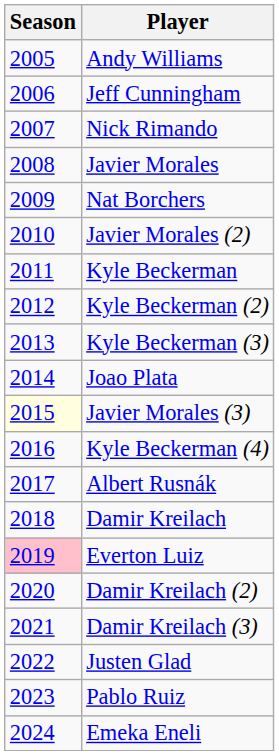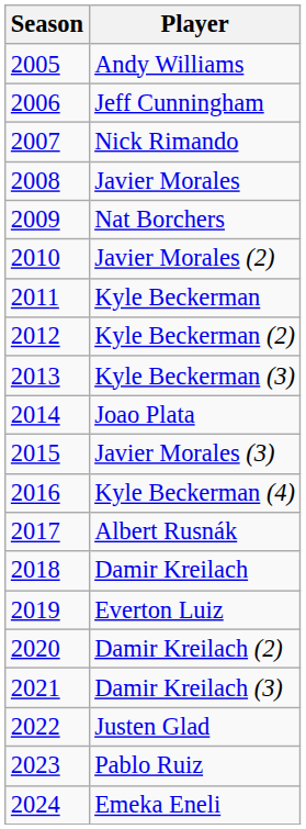 <table class ="wikitable">
 <tr>
 <th>Season</th>
 <th>Player</th>
 </tr>
 <tr>
 <td><a href='#'>2005</a></td>
 <td> <a href='#'>Andy Williams</a></td>
 </tr>
 <tr>
 <td><a href='#'>2006</a></td>
 <td> <a href='#'>Jeff Cunningham</a></td>
 </tr>
 <tr>
 <td><a href='#'>2007</a></td>
 <td> <a href='#'>Nick Rimando</a></td>
 </tr>
 <tr>
 <td><a href='#'>2008</a></td>
 <td> <a href='#'>Javier Morales</a></td>
 </tr>
 <tr>
 <td><a href='#'>2009</a></td>
 <td> <a href='#'>Nat Borchers</a></td>
 </tr>
 <tr>
 <td><a href='#'>2010</a></td>
 <td> <a href='#'>Javier Morales</a> <em>(2)</em></td>
 </tr>
 <tr>
 <td><a href='#'>2011</a></td>
 <td> <a href='#'>Kyle Beckerman</a></td>
 </tr>
 <tr>
 <td><a href='#'>2012</a></td>
 <td> <a href='#'>Kyle Beckerman</a> <em>(2)</em></td>
 </tr>
 <tr>
 <td><a href='#'>2013</a></td>
 <td> <a href='#'>Kyle Beckerman</a> <em>(3)</em></td>
 </tr>
 <tr>
 <td><a href='#'>2014</a></td>
 <td> <a href='#'>Joao Plata</a></td>
 </tr>
 <tr>
-<td style="background: lightyellow;"><a href='#'>2015</a></td>
+<td><a href='#'>2015</a></td>
 <td> <a href='#'>Javier Morales</a> <em>(3)</em></td>
 </tr>
 <tr>
 <td><a href='#'>2016</a></td>
 <td> <a href='#'>Kyle Beckerman</a> <em>(4)</em></td>
 </tr>
 <tr>
 <td><a href='#'>2017</a></td>
 <td> <a href='#'>Albert Rusnák</a></td>
 </tr>
 <tr>
 <td><a href='#'>2018</a></td>
 <td> <a href='#'>Damir Kreilach</a></td>
 </tr>
 <tr>
-<td style="background: pink;"><a href='#'>2019</a></td>
+<td><a href='#'>2019</a></td>
 <td> <a href='#'>Everton Luiz</a></td>
 </tr>
 <tr>
 <td><a href='#'>2020</a></td>
 <td> <a href='#'>Damir Kreilach</a> <em>(2)</em></td>
 </tr>
 <tr>
 <td><a href='#'>2021</a></td>
 <td> <a href='#'>Damir Kreilach</a> <em>(3)</em></td>
 </tr>
 <tr>
 <td><a href='#'>2022</a></td>
 <td> <a href='#'>Justen Glad</a></td>
 </tr>
 <tr>
 <td><a href='#'>2023</a></td>
 <td> <a href='#'>Pablo Ruiz</a></td>
 </tr>
 <tr>
 <td><a href='#'>2024</a></td>
 <td> <a href='#'>Emeka Eneli</a></td>
 </tr>
 <tr>
 </tr>
 </table>
